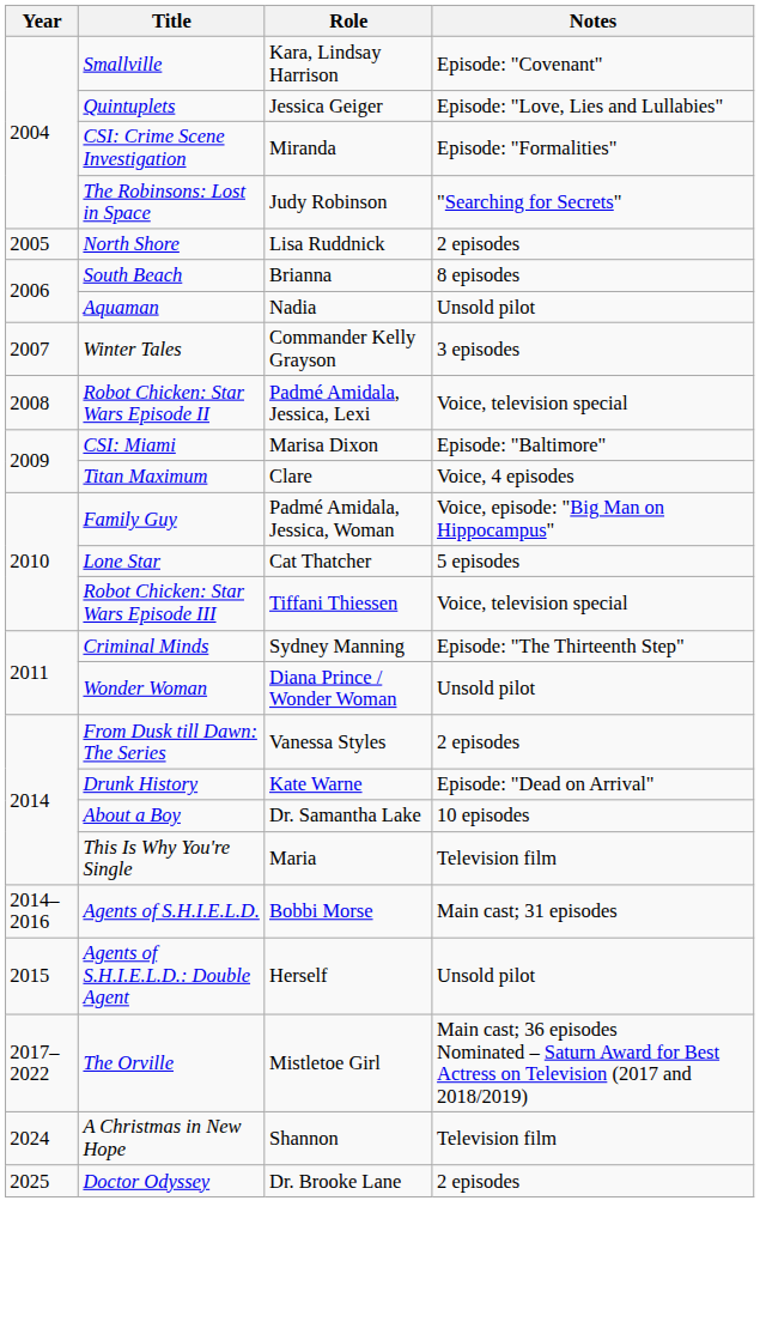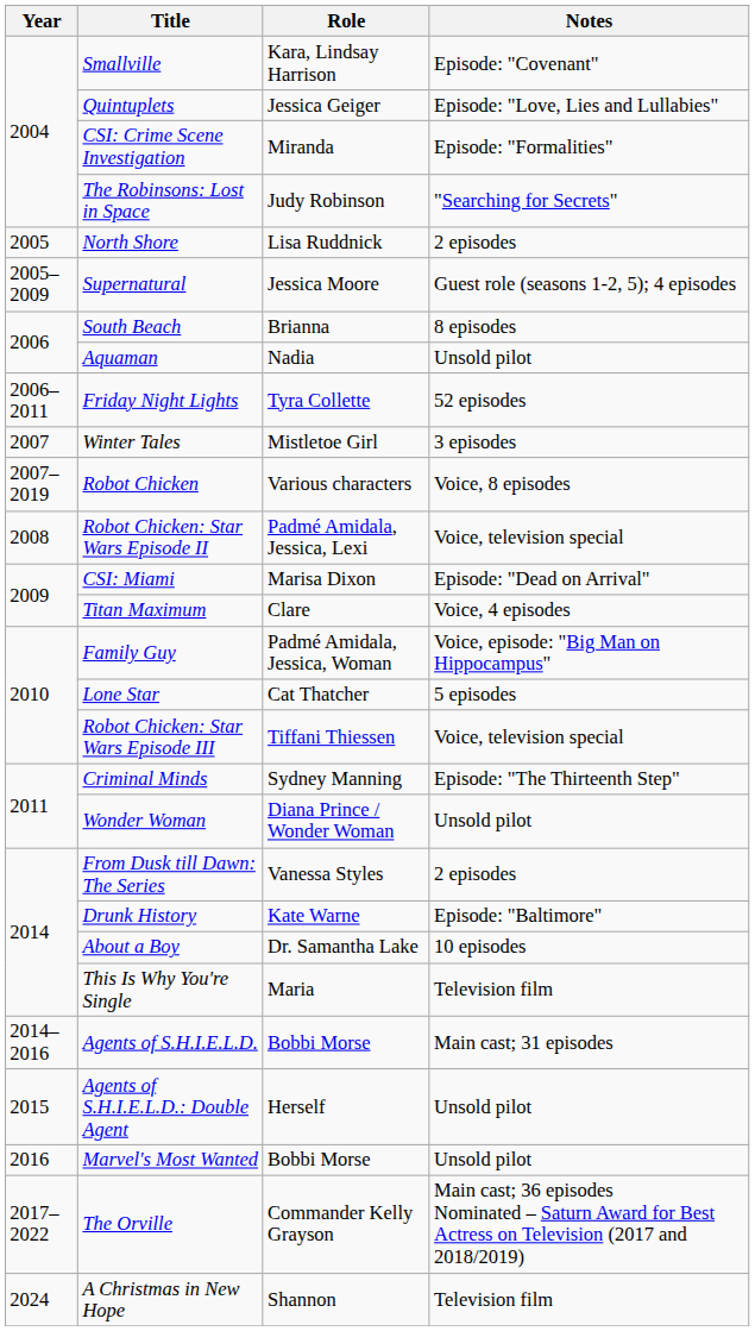 <table class="wikitable sortable">
 <tr>
 <th>Year</th>
 <th>Title</th>
 <th>Role</th>
 <th class="unsortable">Notes</th>
 </tr>
 <tr>
 <td rowspan="4">2004</td>
 <td><em><a href='#'>Smallville</a></em></td>
 <td>Kara, Lindsay Harrison</td>
 <td>Episode: "Covenant"</td>
 </tr>
 <tr>
 <td><em><a href='#'>Quintuplets</a></em></td>
 <td>Jessica Geiger</td>
 <td>Episode: "Love, Lies and Lullabies"</td>
 </tr>
 <tr>
 <td><em><a href='#'>CSI: Crime Scene Investigation</a></em></td>
 <td>Miranda</td>
 <td>Episode: "Formalities"</td>
 </tr>
 <tr>
 <td><em><a href='#'>The Robinsons: Lost in Space</a></em></td>
 <td>Judy Robinson</td>
 <td>"<a href='#'>Searching for Secrets</a>"</td>
 </tr>
 <tr>
 <td>2005</td>
 <td><em><a href='#'>North Shore</a></em></td>
 <td>Lisa Ruddnick</td>
 <td>2 episodes</td>
 </tr>
 <tr>
+<td>2005–2009</td>
+<td><em><a href='#'>Supernatural</a></em></td>
+<td>Jessica Moore</td>
+<td>Guest role (seasons 1-2, 5); 4 episodes</td>
+</tr>
+<tr>
 <td rowspan="2">2006</td>
 <td><em><a href='#'>South Beach</a></em></td>
 <td>Brianna</td>
 <td>8 episodes</td>
 </tr>
 <tr>
 <td><em><a href='#'>Aquaman</a></em></td>
 <td>Nadia</td>
 <td>Unsold pilot</td>
 </tr>
 <tr>
+<td>2006–2011</td>
+<td><em><a href='#'>Friday Night Lights</a></em></td>
+<td><a href='#'>Tyra Collette</a></td>
+<td>52 episodes</td>
+</tr>
+<tr>
 <td>2007</td>
 <td><em>Winter Tales</em></td>
-<td>Commander Kelly Grayson</td>
+<td>Mistletoe Girl</td>
 <td>3 episodes</td>
+</tr>
+<tr>
+<td>2007–2019</td>
+<td><em><a href='#'>Robot Chicken</a></em></td>
+<td>Various characters</td>
+<td>Voice, 8 episodes</td>
 </tr>
 <tr>
 <td>2008</td>
 <td><em><a href='#'>Robot Chicken: Star Wars Episode II</a></em></td>
 <td><a href='#'>Padmé Amidala</a>, Jessica, Lexi</td>
 <td>Voice, television special</td>
 </tr>
 <tr>
 <td rowspan="2">2009</td>
 <td><em><a href='#'>CSI: Miami</a></em></td>
 <td>Marisa Dixon</td>
-<td>Episode: "Baltimore"</td>
+<td>Episode: "Dead on Arrival"</td>
 </tr>
 <tr>
 <td><em><a href='#'>Titan Maximum</a></em></td>
 <td>Clare</td>
 <td>Voice, 4 episodes</td>
 </tr>
 <tr>
 <td rowspan="3">2010</td>
 <td><em><a href='#'>Family Guy</a></em></td>
 <td>Padmé Amidala, Jessica, Woman</td>
 <td>Voice, episode: "<a href='#'>Big Man on Hippocampus</a>"</td>
 </tr>
 <tr>
 <td><em><a href='#'>Lone Star</a></em></td>
 <td>Cat Thatcher</td>
 <td>5 episodes</td>
 </tr>
 <tr>
 <td><em><a href='#'>Robot Chicken: Star Wars Episode III</a></em></td>
 <td><a href='#'>Tiffani Thiessen</a></td>
 <td>Voice, television special</td>
 </tr>
 <tr>
 <td rowspan="2">2011</td>
 <td><em><a href='#'>Criminal Minds</a></em></td>
 <td>Sydney Manning</td>
 <td>Episode: "The Thirteenth Step"</td>
 </tr>
 <tr>
 <td><em><a href='#'>Wonder Woman</a></em></td>
 <td><a href='#'>Diana Prince / Wonder Woman</a></td>
 <td>Unsold pilot</td>
 </tr>
 <tr>
 <td rowspan="4">2014</td>
 <td><em><a href='#'>From Dusk till Dawn: The Series</a></em></td>
 <td>Vanessa Styles</td>
 <td>2 episodes</td>
 </tr>
 <tr>
 <td><em><a href='#'>Drunk History</a></em></td>
 <td><a href='#'>Kate Warne</a></td>
-<td>Episode: "Dead on Arrival"</td>
+<td>Episode: "Baltimore"</td>
 </tr>
 <tr>
 <td><em><a href='#'>About a Boy</a></em></td>
 <td>Dr. Samantha Lake</td>
 <td>10 episodes</td>
 </tr>
 <tr>
 <td><em>This Is Why You're Single</em></td>
 <td>Maria</td>
 <td>Television film</td>
 </tr>
 <tr>
 <td>2014–2016</td>
 <td><em><a href='#'>Agents of S.H.I.E.L.D.</a></em></td>
 <td><a href='#'>Bobbi Morse</a></td>
 <td>Main cast; 31 episodes</td>
 </tr>
 <tr>
 <td>2015</td>
 <td><em><a href='#'>Agents of S.H.I.E.L.D.: Double Agent</a></em></td>
 <td>Herself</td>
 <td>Unsold pilot</td>
 </tr>
 <tr>
+<td>2016</td>
+<td><em><a href='#'>Marvel's Most Wanted</a></em></td>
+<td>Bobbi Morse</td>
+<td>Unsold pilot</td>
+</tr>
+<tr>
 <td>2017–2022</td>
 <td><em><a href='#'>The Orville</a></em></td>
-<td>Mistletoe Girl</td>
+<td>Commander Kelly Grayson</td>
 <td>Main cast; 36 episodes<br>Nominated – <a href='#'>Saturn Award for Best Actress on Television</a> (2017 and 2018/2019)</td>
 </tr>
 <tr>
 <td>2024</td>
 <td><em>A Christmas in New Hope</em></td>
 <td>Shannon</td>
 <td>Television film</td>
 </tr>
-<tr>
-<td>2025</td>
-<td><em><a href='#'>Doctor Odyssey</a></em></td>
-<td>Dr. Brooke Lane</td>
-<td>2 episodes</td>
-</tr>
 </table>
